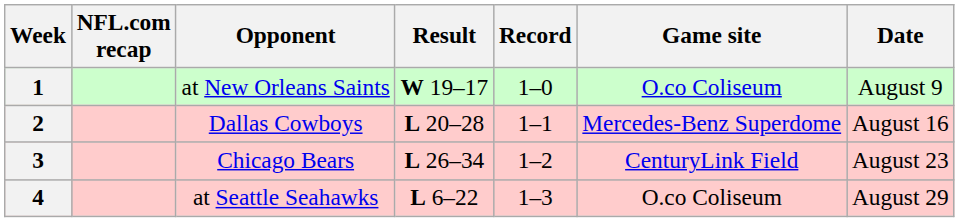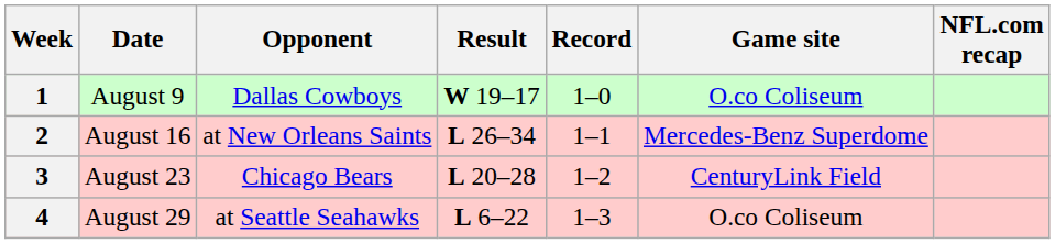 <table class="wikitable" style="align=center">
 <tr>
 <th +>Week</th>
-<th +>NFL.com<br>recap</th>
+<th +>Date</th>
 <th +>Opponent</th>
 <th +>Result</th>
 <th +>Record</th>
 <th +>Game site</th>
-<th +>Date</th>
+<th +>NFL.com<br>recap</th>
 </tr>
 <tr style="background:#cfc; text-align:center;">
 <th>1</th>
-<td></td>
-<td>at <a href='#'>New Orleans Saints</a></td>
+<td>August 9</td>
+<td><a href='#'>Dallas Cowboys</a></td>
 <td><strong>W</strong> 19–17</td>
 <td>1–0</td>
 <td><a href='#'>O.co Coliseum</a></td>
-<td>August 9</td>
+<td></td>
 </tr>
 <tr style="background:#fcc; text-align:center;">
 <th>2</th>
-<td></td>
-<td><a href='#'>Dallas Cowboys</a></td>
-<td><strong>L</strong> 20–28</td>
+<td>August 16</td>
+<td>at <a href='#'>New Orleans Saints</a></td>
+<td><strong>L</strong> 26–34</td>
 <td>1–1</td>
 <td><a href='#'>Mercedes-Benz Superdome</a></td>
-<td>August 16</td>
+<td></td>
 </tr>
 <tr style="background:#fcc; text-align:center;">
 <th>3</th>
-<td></td>
+<td>August 23</td>
 <td><a href='#'>Chicago Bears</a></td>
-<td><strong>L</strong> 26–34</td>
+<td><strong>L</strong> 20–28</td>
 <td>1–2</td>
 <td><a href='#'>CenturyLink Field</a></td>
-<td>August 23</td>
+<td></td>
 </tr>
 <tr style="background:#fcc; text-align:center;">
 <th>4</th>
-<td></td>
+<td>August 29</td>
 <td>at <a href='#'>Seattle Seahawks</a></td>
 <td><strong>L</strong> 6–22</td>
 <td>1–3</td>
 <td>O.co Coliseum</td>
-<td>August 29</td>
+<td></td>
 </tr>
 </table>
